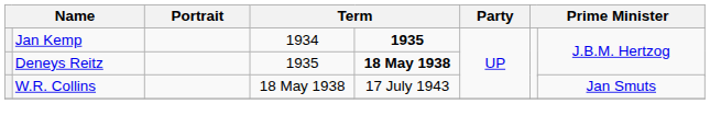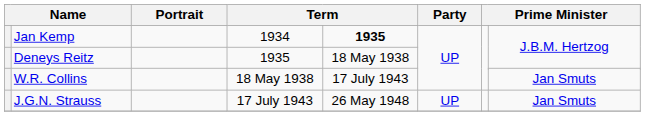 <table class="wikitable" width=60%>
 <tr>
 <th colspan=2 width=20%>Name</th>
 <th width=75>Portrait</th>
 <th colspan=2 width=30%>Term</th>
 <th width=10%>Party</th>
 <th colspan=2 width=25%>Prime Minister</th>
 </tr>
 <tr style="text-align:center">
 <th style="width:1%;background-color: "></th>
 <td align=left><a href='#'>Jan Kemp</a></td>
 <td></td>
 <td>1934</td>
 <td><strong>1935</strong></td>
 <td rowspan=4><a href='#'>UP</a></td>
 <td rowspan=4 style="width:1%;background-color: "></td>
 <td rowspan=3><a href='#'>J.B.M. Hertzog</a><br> </td>
 </tr>
 <tr style="text-align:center">
 <th style="width:1%;background-color: "></th>
 <td align=left><a href='#'>Deneys Reitz</a></td>
 <td></td>
 <td>1935</td>
-<td><strong>18 May 1938</strong></td>
+<td>18 May 1938</td>
 </tr>
 <tr style="text-align:center">
 <th rowspan=2 style="width:1%;background-color: "></th>
 <td rowspan=2 align=left><a href='#'>W.R. Collins</a></td>
 <td rowspan=2 align=center></td>
 <td rowspan=2>18 May 1938</td>
 <td rowspan=2>17 July 1943</td>
 </tr>
 <tr style="text-align:center">
 <td><a href='#'>Jan Smuts</a><br></td>
 </tr>
+<tr style="text-align:center">
+<th style="width:1%;background-color: "></th>
+<td align=left><a href='#'>J.G.N. Strauss</a></td>
+<td></td>
+<td>17 July 1943</td>
+<td>26 May 1948</td>
+<td><a href='#'>UP</a></td>
+<td style="width:1%;background-color: "></td>
+<td><a href='#'>Jan Smuts</a><br> </td>
+</tr>
 <tr>
 </tr>
 </table>
